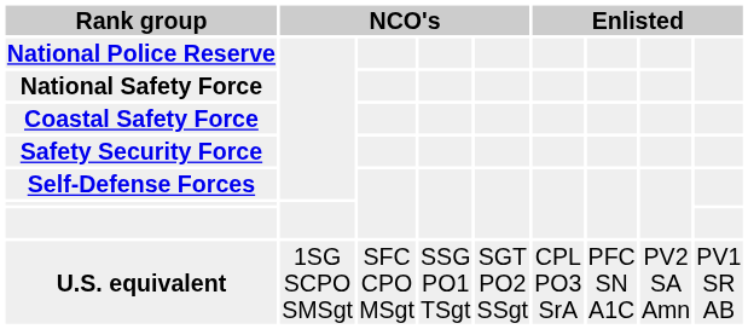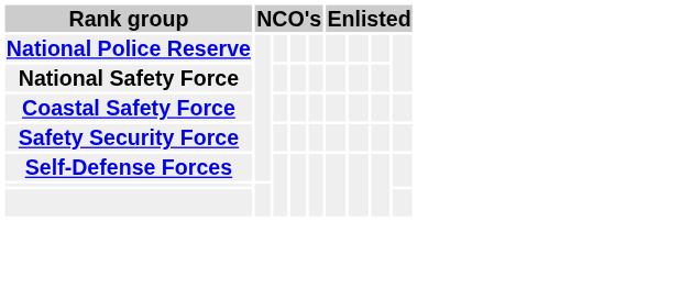 <table style="border=1px soloid #8888aa; background color:f7f8ff; font-size:95%; margin: 0px 12px 12px 0px">
 <tr style="background:#ccc;">
 <th>Rank group</th>
 <th colspan=4>NCO's</th>
 <th colspan=4>Enlisted</th>
 </tr>
 <tr style="text-align:center; background:#efefef;">
 <th><a href='#'>National Police Reserve</a><br></th>
 <td rowspan=5></td>
 <td><br></td>
 <td><br></td>
 <td><br></td>
 <td><br></td>
 <td><br></td>
 <td><br></td>
 <td rowspan=2></td>
 </tr>
 <tr style="text-align:center; background:#efefef;">
 <th>National Safety Force<br></th>
 <td><br></td>
 <td><br></td>
 <td><br></td>
 <td><br></td>
 <td><br></td>
 <td><br></td>
 </tr>
 <tr style="text-align:center; background:#efefef;">
 <th><a href='#'>Coastal Safety Force</a><br></th>
 <td><br></td>
 <td><br></td>
 <td><br></td>
 <td><br></td>
 <td><br></td>
 <td><br></td>
 <td><br></td>
 </tr>
 <tr style="text-align:center; background:#efefef;">
 <th><a href='#'>Safety Security Force</a><br></th>
 <td><br></td>
 <td><br></td>
 <td><br></td>
 <td><br></td>
 <td><br></td>
 <td><br></td>
 <td><br></td>
 </tr>
 <tr style="text-align:center; background:#efefef;">
 <th><a href='#'>Self-Defense Forces</a><br></th>
 <td rowspan=3><br></td>
 <td rowspan=3><br></td>
 <td rowspan=3><br></td>
 <td rowspan=3><br></td>
 <td rowspan=3><br></td>
 <td rowspan=3><br></td>
 <td rowspan=2><br></td>
 </tr>
 <tr Style="text-align:center; background:#efefef;">
 <th></th>
 <td rowspan=2><br></td>
 </tr>
 <tr style="text-align:center; background:#efefef;">
 <th></th>
 <td><br></td>
 </tr>
-<tr style="text-align:center; background:#efefef;">
-<th>U.S. equivalent</th>
-<td>1SG<br>SCPO<br>SMSgt</td>
-<td>SFC<br>CPO<br>MSgt</td>
-<td>SSG<br>PO1<br>TSgt</td>
-<td>SGT<br>PO2<br>SSgt</td>
-<td>CPL<br>PO3<br>SrA</td>
-<td>PFC<br>SN<br>A1C</td>
-<td>PV2<br>SA<br>Amn</td>
-<td>PV1<br>SR<br>AB</td>
-</tr>
 </table>
